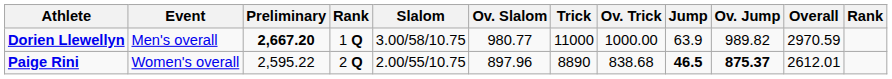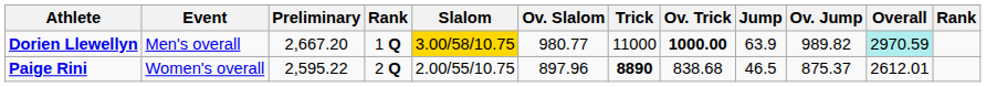 <table class="wikitable" style="font-size:90%">
 <tr>
 <th>Athlete</th>
 <th>Event</th>
 <th>Preliminary</th>
 <th>Rank</th>
 <th>Slalom</th>
 <th>Ov. Slalom</th>
 <th>Trick</th>
 <th>Ov. Trick</th>
 <th>Jump</th>
 <th>Ov. Jump</th>
 <th>Overall</th>
 <th>Rank</th>
 </tr>
 <tr align=center>
 <td align=left><strong><a href='#'>Dorien Llewellyn</a></strong></td>
 <td align=left><a href='#'>Men's overall</a></td>
-<td><strong>2,667.20</strong></td>
+<td>2,667.20</td>
 <td>1 <strong>Q</strong></td>
-<td>3.00/58/10.75</td>
+<td style="background: gold;">3.00/58/10.75</td>
 <td>980.77</td>
 <td>11000</td>
-<td>1000.00</td>
+<td><strong>1000.00</strong></td>
 <td>63.9</td>
 <td>989.82</td>
-<td>2970.59</td>
+<td style="background: paleturquoise;">2970.59</td>
 <td></td>
 </tr>
 <tr align=center>
 <td align=left><strong><a href='#'>Paige Rini</a></strong></td>
 <td align=left rowspan=2><a href='#'>Women's overall</a></td>
 <td>2,595.22</td>
 <td>2 <strong>Q</strong></td>
 <td>2.00/55/10.75</td>
 <td>897.96</td>
-<td>8890</td>
+<td><strong>8890</strong></td>
 <td>838.68</td>
-<td><strong>46.5</strong></td>
-<td><strong>875.37</strong></td>
+<td>46.5</td>
+<td>875.37</td>
 <td>2612.01</td>
 <td></td>
 </tr>
 </table>
